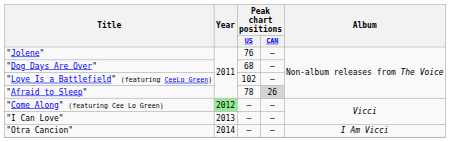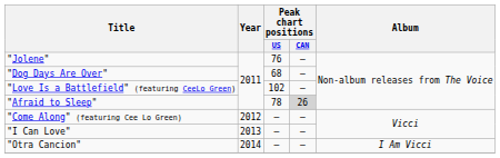 <table class="wikitable plainrowheaders" style="text-align:center;">
 <tr>
 <th scope="col" rowspan="2">Title</th>
 <th scope="col" rowspan="2">Year</th>
 <th scope="col" colspan="2">Peak chart positions</th>
 <th scope="col" rowspan="2">Album</th>
 </tr>
 <tr>
 <th scope="col" style="width:3em;font-size:85%;"><a href='#'>US</a></th>
 <th scope="col" style="width:3em;font-size:85%;"><a href='#'>CAN</a></th>
 </tr>
 <tr>
 <td align="left">"<a href='#'>Jolene</a>"</td>
 <td rowspan="4">2011</td>
 <td>76</td>
 <td>—</td>
 <td rowspan="4">Non-album releases from <em>The Voice</em></td>
 </tr>
 <tr>
 <td align="left">"<a href='#'>Dog Days Are Over</a>"</td>
 <td>68</td>
 <td>—</td>
 </tr>
 <tr>
 <td align="left">"<a href='#'>Love Is a Battlefield</a>" <small>(featuring <a href='#'>CeeLo Green</a>)</small></td>
 <td>102</td>
 <td>—</td>
 </tr>
 <tr>
 <td align="left">"<a href='#'>Afraid to Sleep</a>"</td>
 <td>78</td>
 <td style="background: lightgrey;">26</td>
 </tr>
 <tr>
 <td align="left">"<a href='#'>Come Along</a>" <small>(featuring Cee Lo Green)</small></td>
-<td style="background: lightgreen;">2012</td>
+<td>2012</td>
 <td>—</td>
 <td>—</td>
 <td Rowspan="2"><em>Vicci</em></td>
 </tr>
 <tr>
 <td align="left">"I Can Love"</td>
 <td>2013</td>
 <td>—</td>
 <td>—</td>
 </tr>
 <tr>
 <td align="left">"Otra Cancion"</td>
 <td>2014</td>
 <td>—</td>
 <td>—</td>
 <td><em>I Am Vicci</em></td>
 </tr>
 <tr>
 </tr>
 </table>
